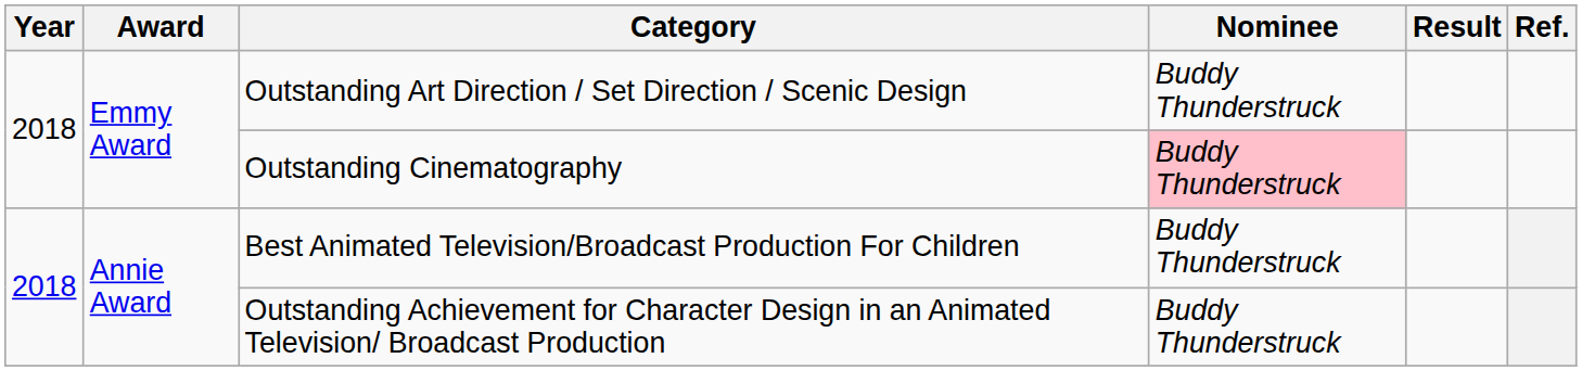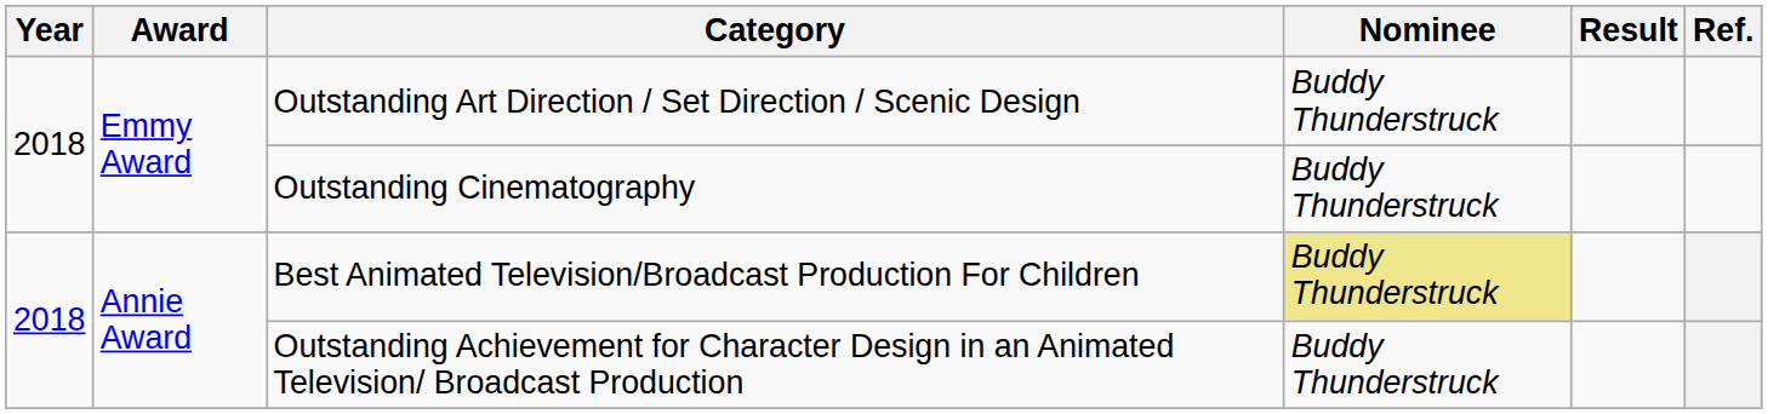 <table class="wikitable">
 <tr>
 <th>Year</th>
 <th>Award</th>
 <th>Category</th>
 <th>Nominee</th>
 <th>Result</th>
 <th>Ref.</th>
 </tr>
 <tr>
 <td rowspan="2">2018</td>
 <td rowspan="2"><a href='#'>Emmy Award</a></td>
 <td>Outstanding Art Direction / Set Direction / Scenic Design</td>
 <td><em>Buddy Thunderstruck</em></td>
 <td></td>
 <td></td>
 </tr>
 <tr>
 <td>Outstanding Cinematography</td>
-<td style="background: pink;"><em>Buddy Thunderstruck</em></td>
+<td><em>Buddy Thunderstruck</em></td>
 <td></td>
 <td></td>
 </tr>
 <tr>
 <td rowspan="2"><a href='#'>2018</a></td>
 <td rowspan="2"><a href='#'>Annie Award</a></td>
 <td>Best Animated Television/Broadcast Production For Children</td>
-<td><em>Buddy Thunderstruck</em></td>
+<td style="background: khaki;"><em>Buddy Thunderstruck</em></td>
 <td></td>
 <th align="center"></th>
 </tr>
 <tr>
 <td>Outstanding Achievement for Character Design in an Animated Television/ Broadcast Production</td>
 <td><em>Buddy Thunderstruck</em></td>
 <td></td>
 <th align="center"></th>
 </tr>
 </table>
